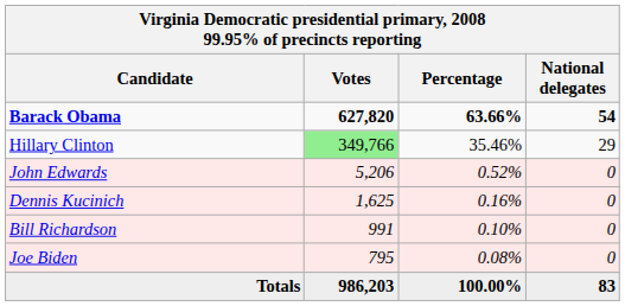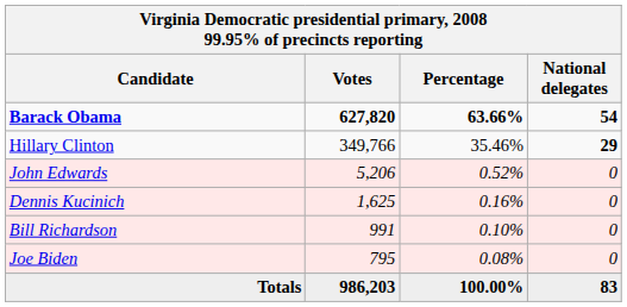 <table class="wikitable" style="font-size:95%; text-align:right;">
 <tr>
 <th colspan="4">Virginia Democratic presidential primary, 2008<br>99.95% of precincts reporting</th>
 </tr>
 <tr>
 <th style="width: 17em">Candidate</th>
 <th style="width: 5em">Votes</th>
 <th style="width: 7em">Percentage</th>
 <th style="width: 5em">National delegates</th>
 </tr>
 <tr>
 <td align="left"><strong><a href='#'>Barack Obama</a></strong></td>
 <td><strong>627,820</strong></td>
 <td><strong>63.66%</strong></td>
 <td><strong>54</strong></td>
 </tr>
 <tr>
 <td align="left"><a href='#'>Hillary Clinton</a></td>
-<td style="background: lightgreen;">349,766</td>
+<td>349,766</td>
 <td>35.46%</td>
-<td>29</td>
+<td><strong>29</strong></td>
 </tr>
 <tr bgcolor=#FFE8E8>
 <td align="left"><em><a href='#'>John Edwards</a></em></td>
 <td><em>5,206</em></td>
 <td><em>0.52%</em></td>
 <td><em>0</em></td>
 </tr>
 <tr bgcolor=#FFE8E8>
 <td align="left"><em><a href='#'>Dennis Kucinich</a></em></td>
 <td><em>1,625</em></td>
 <td><em>0.16%</em></td>
 <td><em>0</em></td>
 </tr>
 <tr bgcolor=#FFE8E8>
 <td align="left"><em><a href='#'>Bill Richardson</a></em></td>
 <td><em>991</em></td>
 <td><em>0.10%</em></td>
 <td><em>0</em></td>
 </tr>
 <tr bgcolor=#FFE8E8>
 <td align="left"><em><a href='#'>Joe Biden</a></em></td>
 <td><em>795</em></td>
 <td><em>0.08%</em></td>
 <td><em>0</em></td>
 </tr>
 <tr bgcolor="#EEEEEE" style="margin-right:0.5em">
 <td><strong>Totals</strong></td>
 <td><strong>986,203</strong></td>
 <td><strong>100.00%</strong></td>
 <td><strong>83</strong></td>
 </tr>
 </table>
